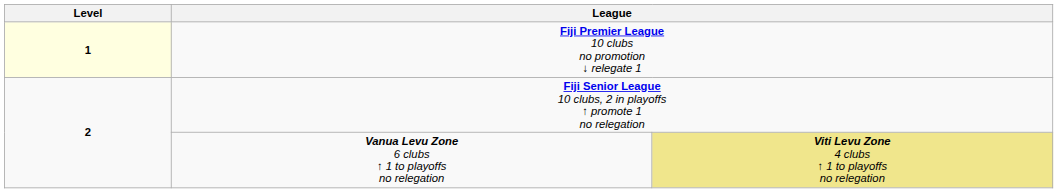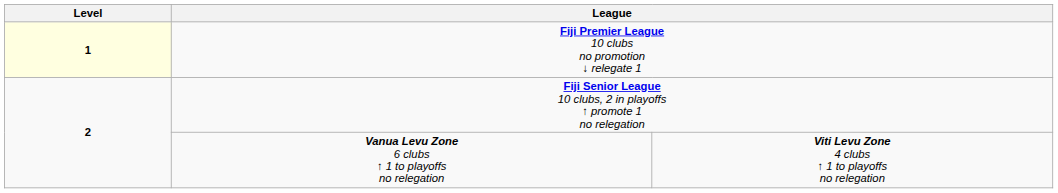 <table class="wikitable" style="text-align: center; font-size: 85%;" width="100%;">
 <tr>
 <th>Level</th>
 <th colspan="2">League</th>
 </tr>
 <tr>
 <td style="background: lightyellow;"><strong>1</strong></td>
 <td colspan="2"><strong><a href='#'>Fiji Premier League</a></strong><br><em>10 clubs<br>no promotion</em><br>↓ <em>relegate 1</em></td>
 </tr>
 <tr>
 <td rowspan="3"><strong>2</strong></td>
 <td colspan="2"><strong><a href='#'>Fiji Senior League</a></strong><br><em>10 clubs, 2 in playoffs</em><br>↑ <em>promote 1<br>no relegation</em></td>
 </tr>
 <tr>
 <td><strong><em>Vanua Levu Zone</em></strong><br><em>6 clubs</em><br>↑ <em>1 to playoffs<br>no relegation</em></td>
-<td style="background: khaki;"><strong><em>Viti Levu Zone</em></strong><br><em>4 clubs</em><br>↑ <em>1 to playoffs<br>no relegation</em></td>
+<td><strong><em>Viti Levu Zone</em></strong><br><em>4 clubs</em><br>↑ <em>1 to playoffs<br>no relegation</em></td>
 </tr>
 </table>
